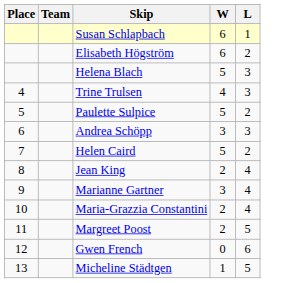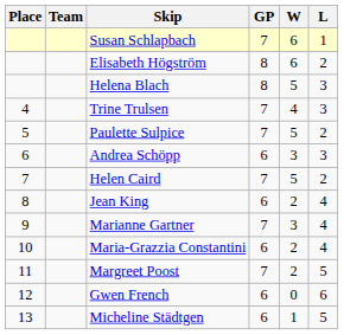 <table class="wikitable" style="text-align:center;">
 <tr>
 <th>Place</th>
 <th>Team</th>
 <th>Skip</th>
+<th width="25">GP</th>
 <th width="25">W</th>
 <th width="25">L</th>
 </tr>
 <tr bgcolor="#ffffcc">
 <td></td>
 <td align=left></td>
 <td align=left><a href='#'>Susan Schlapbach</a></td>
+<td>7</td>
 <td>6</td>
 <td>1</td>
 </tr>
 <tr>
 <td></td>
 <td align=left></td>
 <td align=left><a href='#'>Elisabeth Högström</a></td>
+<td>8</td>
 <td>6</td>
 <td>2</td>
 </tr>
 <tr>
 <td></td>
 <td align=left></td>
 <td align=left><a href='#'>Helena Blach</a></td>
+<td>8</td>
 <td>5</td>
 <td>3</td>
 </tr>
 <tr>
 <td>4</td>
 <td align=left></td>
 <td align=left><a href='#'>Trine Trulsen</a></td>
+<td>7</td>
 <td>4</td>
 <td>3</td>
 </tr>
 <tr>
 <td>5</td>
 <td align=left></td>
 <td align=left><a href='#'>Paulette Sulpice</a></td>
+<td>7</td>
 <td>5</td>
 <td>2</td>
 </tr>
 <tr>
 <td>6</td>
 <td align=left></td>
 <td align=left><a href='#'>Andrea Schöpp</a></td>
+<td>6</td>
 <td>3</td>
 <td>3</td>
 </tr>
 <tr>
 <td>7</td>
 <td align=left></td>
 <td align=left><a href='#'>Helen Caird</a></td>
+<td>7</td>
 <td>5</td>
 <td>2</td>
 </tr>
 <tr>
 <td>8</td>
 <td align=left></td>
 <td align=left><a href='#'>Jean King</a></td>
+<td>6</td>
 <td>2</td>
 <td>4</td>
 </tr>
 <tr>
 <td>9</td>
 <td align=left></td>
 <td align=left><a href='#'>Marianne Gartner</a></td>
+<td>7</td>
 <td>3</td>
 <td>4</td>
 </tr>
 <tr>
 <td>10</td>
 <td align=left></td>
 <td align=left><a href='#'>Maria-Grazzia Constantini</a></td>
+<td>6</td>
 <td>2</td>
 <td>4</td>
 </tr>
 <tr>
 <td>11</td>
 <td align=left></td>
 <td align=left><a href='#'>Margreet Poost</a></td>
+<td>7</td>
 <td>2</td>
 <td>5</td>
 </tr>
 <tr>
 <td>12</td>
 <td align=left></td>
 <td align=left><a href='#'>Gwen French</a></td>
+<td>6</td>
 <td>0</td>
 <td>6</td>
 </tr>
 <tr>
 <td>13</td>
 <td align=left></td>
 <td align=left><a href='#'>Micheline Städtgen</a></td>
+<td>6</td>
 <td>1</td>
 <td>5</td>
 </tr>
 </table>
